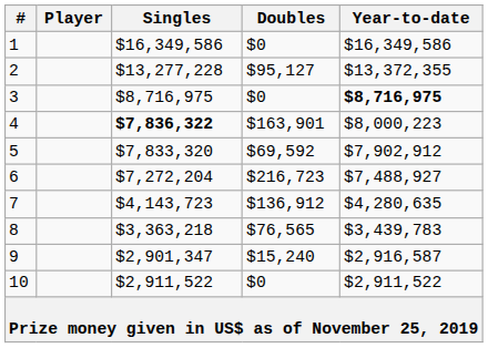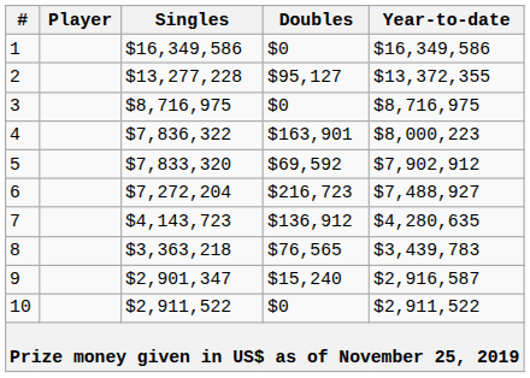 <table class="wikitable sortable">
 <tr>
 <th>#</th>
 <th>Player</th>
 <th>Singles</th>
 <th>Doubles</th>
 <th>Year-to-date</th>
 </tr>
 <tr>
 <td>1</td>
 <td align="left"></td>
 <td>$16,349,586</td>
 <td>$0</td>
 <td>$16,349,586</td>
 </tr>
 <tr>
 <td>2</td>
 <td align="left"></td>
 <td>$13,277,228</td>
 <td>$95,127</td>
 <td>$13,372,355</td>
 </tr>
 <tr>
 <td>3</td>
 <td align="left"></td>
 <td>$8,716,975</td>
 <td>$0</td>
-<td><strong>$8,716,975</strong></td>
+<td>$8,716,975</td>
 </tr>
 <tr>
 <td>4</td>
 <td align="left"></td>
-<td><strong>$7,836,322</strong></td>
+<td>$7,836,322</td>
 <td>$163,901</td>
 <td>$8,000,223</td>
 </tr>
 <tr>
 <td>5</td>
 <td align="left"></td>
 <td>$7,833,320</td>
 <td>$69,592</td>
 <td>$7,902,912</td>
 </tr>
 <tr>
 <td>6</td>
 <td align="left"></td>
 <td>$7,272,204</td>
 <td>$216,723</td>
 <td>$7,488,927</td>
 </tr>
 <tr>
 <td>7</td>
 <td align="left"></td>
 <td>$4,143,723</td>
 <td>$136,912</td>
 <td>$4,280,635</td>
 </tr>
 <tr>
 <td>8</td>
 <td align="left"></td>
 <td>$3,363,218</td>
 <td>$76,565</td>
 <td>$3,439,783</td>
 </tr>
 <tr>
 <td>9</td>
 <td align="left"></td>
 <td>$2,901,347</td>
 <td>$15,240</td>
 <td>$2,916,587</td>
 </tr>
 <tr>
 <td>10</td>
 <td align="left"></td>
 <td>$2,911,522</td>
 <td>$0</td>
 <td>$2,911,522</td>
 </tr>
 <tr>
 <th colspan="6"><br>Prize money given in US$ as of November 25, 2019</th>
 </tr>
 </table>
